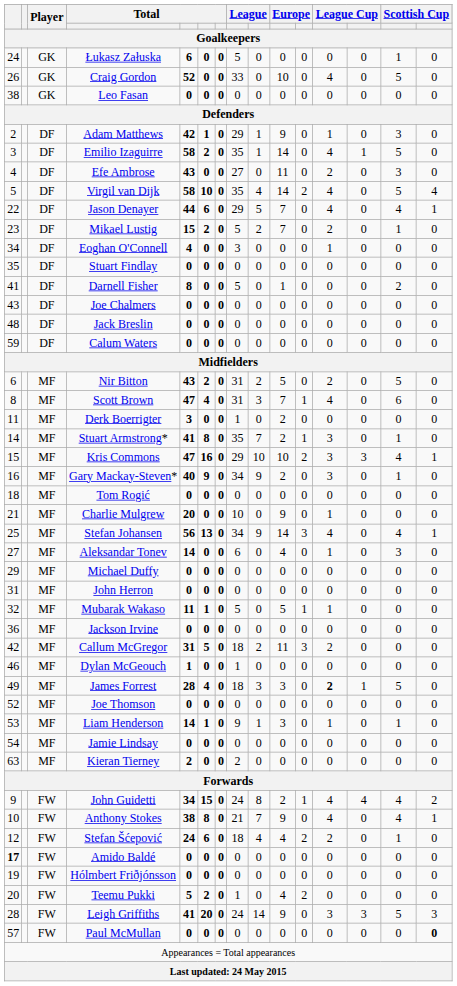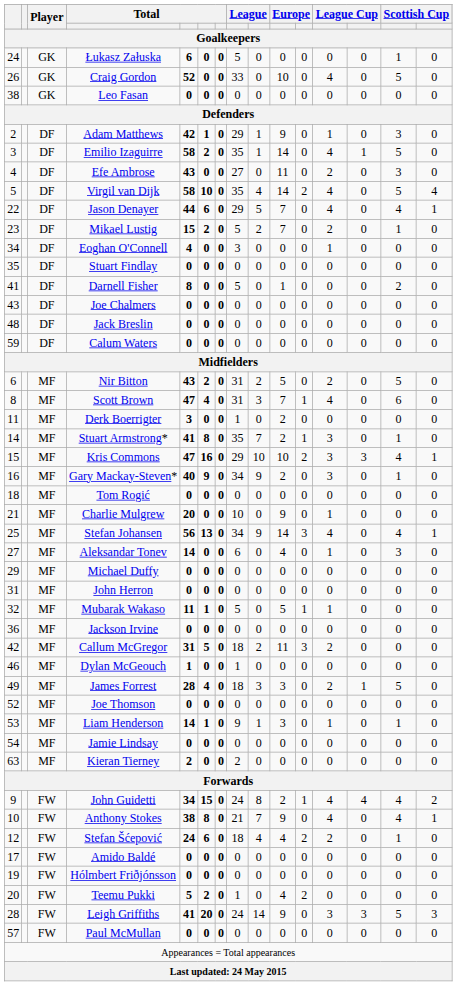 <table class="wikitable" style="text-align: center">
 <tr align="center" style="background:#9C9C9C">
 <th rowspan="2"></th>
 <th rowspan="2"></th>
 <th rowspan="2">Player</th>
 <th colspan="4">Total</th>
 <th colspan="2"><a href='#'>League</a></th>
 <th colspan="2"><a href='#'>Europe</a></th>
 <th colspan="2"><a href='#'>League Cup</a></th>
 <th colspan="2"><a href='#'>Scottish Cup</a></th>
 </tr>
 <tr style="background:#DCDCDC">
 <th></th>
 <th></th>
 <th></th>
 <th></th>
 <th></th>
 <th></th>
 <th></th>
 <th></th>
 <th></th>
 <th></th>
 <th></th>
 <th></th>
 </tr>
 <tr align="center" style="background:#DCDCDC">
 <th colspan="15">Goalkeepers</th>
 </tr>
 <tr align="center">
 <td>24</td>
 <td></td>
 <td>GK</td>
 <td><a href='#'>Łukasz Załuska</a></td>
 <td><strong>6</strong></td>
 <td><strong>0</strong></td>
 <td><strong>0</strong></td>
 <td>5</td>
 <td>0</td>
 <td>0</td>
 <td>0</td>
 <td>0</td>
 <td>0</td>
 <td>1</td>
 <td>0</td>
 </tr>
 <tr align="center">
 <td>26</td>
 <td></td>
 <td>GK</td>
 <td><a href='#'>Craig Gordon</a></td>
 <td><strong>52</strong></td>
 <td><strong>0</strong></td>
 <td><strong>0</strong></td>
 <td>33</td>
 <td>0</td>
 <td>10</td>
 <td>0</td>
 <td>4</td>
 <td>0</td>
 <td>5</td>
 <td>0</td>
 </tr>
 <tr align="center">
 <td>38</td>
 <td></td>
 <td>GK</td>
 <td><a href='#'>Leo Fasan</a></td>
 <td><strong>0</strong></td>
 <td><strong>0</strong></td>
 <td><strong>0</strong></td>
 <td>0</td>
 <td>0</td>
 <td>0</td>
 <td>0</td>
 <td>0</td>
 <td>0</td>
 <td>0</td>
 <td>0</td>
 </tr>
 <tr align="center">
 <th colspan="15">Defenders</th>
 </tr>
 <tr align="center">
 <td>2</td>
 <td></td>
 <td>DF</td>
 <td><a href='#'>Adam Matthews</a></td>
 <td><strong>42</strong></td>
 <td><strong>1</strong></td>
 <td><strong>0</strong></td>
 <td>29</td>
 <td>1</td>
 <td>9</td>
 <td>0</td>
 <td>1</td>
 <td>0</td>
 <td>3</td>
 <td>0</td>
 </tr>
 <tr align="center">
 <td>3</td>
 <td></td>
 <td>DF</td>
 <td><a href='#'>Emilio Izaguirre</a></td>
 <td><strong>58</strong></td>
 <td><strong>2</strong></td>
 <td><strong>0</strong></td>
 <td>35</td>
 <td>1</td>
 <td>14</td>
 <td>0</td>
 <td>4</td>
 <td>1</td>
 <td>5</td>
 <td>0</td>
 </tr>
 <tr align="center">
 <td>4</td>
 <td></td>
 <td>DF</td>
 <td><a href='#'>Efe Ambrose</a></td>
 <td><strong>43</strong></td>
 <td><strong>0</strong></td>
 <td><strong>0</strong></td>
 <td>27</td>
 <td>0</td>
 <td>11</td>
 <td>0</td>
 <td>2</td>
 <td>0</td>
 <td 1>3</td>
 <td>0</td>
 </tr>
 <tr align="center">
 <td>5</td>
 <td></td>
 <td>DF</td>
 <td><a href='#'>Virgil van Dijk</a></td>
 <td><strong>58</strong></td>
 <td><strong>10</strong></td>
 <td><strong>0</strong></td>
 <td>35</td>
 <td>4</td>
 <td>14</td>
 <td>2</td>
 <td>4</td>
 <td>0</td>
 <td>5</td>
 <td 0>4</td>
 </tr>
 <tr align="center">
 <td>22</td>
 <td></td>
 <td>DF</td>
 <td><a href='#'>Jason Denayer</a></td>
 <td><strong>44</strong></td>
 <td><strong>6</strong></td>
 <td><strong>0</strong></td>
 <td>29</td>
 <td>5</td>
 <td>7</td>
 <td>0</td>
 <td>4</td>
 <td>0</td>
 <td>4</td>
 <td 0>1</td>
 </tr>
 <tr align="center">
 <td>23</td>
 <td></td>
 <td>DF</td>
 <td><a href='#'>Mikael Lustig</a></td>
 <td><strong>15</strong></td>
 <td><strong>2</strong></td>
 <td><strong>0</strong></td>
 <td>5</td>
 <td>2</td>
 <td>7</td>
 <td>0</td>
 <td>2</td>
 <td>0</td>
 <td>1</td>
 <td 0>0</td>
 </tr>
 <tr align="center">
 <td>34</td>
 <td></td>
 <td>DF</td>
 <td><a href='#'>Eoghan O'Connell</a></td>
 <td><strong>4</strong></td>
 <td><strong>0</strong></td>
 <td><strong>0</strong></td>
 <td>3</td>
 <td>0</td>
 <td>0</td>
 <td>0</td>
 <td>1</td>
 <td>0</td>
 <td>0</td>
 <td 0>0</td>
 </tr>
 <tr align="center">
 <td>35</td>
 <td></td>
 <td>DF</td>
 <td><a href='#'>Stuart Findlay</a></td>
 <td><strong>0</strong></td>
 <td><strong>0</strong></td>
 <td><strong>0</strong></td>
 <td>0</td>
 <td>0</td>
 <td>0</td>
 <td>0</td>
 <td>0</td>
 <td>0</td>
 <td>0</td>
 <td 0>0</td>
 </tr>
 <tr align="center">
 <td>41</td>
 <td></td>
 <td>DF</td>
 <td><a href='#'>Darnell Fisher</a></td>
 <td><strong>8</strong></td>
 <td><strong>0</strong></td>
 <td><strong>0</strong></td>
 <td>5</td>
 <td>0</td>
 <td>1</td>
 <td>0</td>
 <td>0</td>
 <td>0</td>
 <td>2</td>
 <td 0>0</td>
 </tr>
 <tr align="center">
 <td>43</td>
 <td></td>
 <td>DF</td>
 <td><a href='#'>Joe Chalmers</a></td>
 <td><strong>0</strong></td>
 <td><strong>0</strong></td>
 <td><strong>0</strong></td>
 <td>0</td>
 <td>0</td>
 <td>0</td>
 <td>0</td>
 <td>0</td>
 <td>0</td>
 <td>0</td>
 <td 0>0</td>
 </tr>
 <tr align="center">
 <td>48</td>
 <td></td>
 <td>DF</td>
 <td><a href='#'>Jack Breslin</a></td>
 <td><strong>0</strong></td>
 <td><strong>0</strong></td>
 <td><strong>0</strong></td>
 <td>0</td>
 <td>0</td>
 <td>0</td>
 <td>0</td>
 <td>0</td>
 <td>0</td>
 <td>0</td>
 <td>0</td>
 </tr>
 <tr align="center">
 <td>59</td>
 <td></td>
 <td>DF</td>
 <td><a href='#'>Calum Waters</a></td>
 <td><strong>0</strong></td>
 <td><strong>0</strong></td>
 <td><strong>0</strong></td>
 <td>0</td>
 <td>0</td>
 <td>0</td>
 <td>0</td>
 <td>0</td>
 <td>0</td>
 <td>0</td>
 <td 0>0</td>
 </tr>
 <tr align="center">
 <th colspan="15">Midfielders</th>
 </tr>
 <tr align="center">
 <td>6</td>
 <td></td>
 <td>MF</td>
 <td><a href='#'>Nir Bitton</a></td>
 <td><strong>43</strong></td>
 <td><strong>2</strong></td>
 <td><strong>0</strong></td>
 <td>31</td>
 <td>2</td>
 <td>5</td>
 <td>0</td>
 <td>2</td>
 <td>0</td>
 <td>5</td>
 <td 0>0</td>
 </tr>
 <tr align="center">
 <td>8</td>
 <td></td>
 <td>MF</td>
 <td><a href='#'>Scott Brown</a></td>
 <td><strong>47</strong></td>
 <td><strong>4</strong></td>
 <td><strong>0</strong></td>
 <td>31</td>
 <td>3</td>
 <td>7</td>
 <td>1</td>
 <td>4</td>
 <td>0</td>
 <td>6</td>
 <td 0>0</td>
 </tr>
 <tr align="center">
 <td>11</td>
 <td></td>
 <td>MF</td>
 <td><a href='#'>Derk Boerrigter</a></td>
 <td><strong>3</strong></td>
 <td><strong>0</strong></td>
 <td><strong>0</strong></td>
 <td>1</td>
 <td>0</td>
 <td>2</td>
 <td>0</td>
 <td>0</td>
 <td>0</td>
 <td>0</td>
 <td 0>0</td>
 </tr>
 <tr align="center">
 <td>14</td>
 <td></td>
 <td>MF</td>
 <td><a href='#'>Stuart Armstrong</a>*</td>
 <td><strong>41</strong></td>
 <td><strong>8</strong></td>
 <td><strong>0</strong></td>
 <td>35</td>
 <td>7</td>
 <td>2</td>
 <td>1</td>
 <td>3</td>
 <td>0</td>
 <td>1</td>
 <td 0>0</td>
 </tr>
 <tr align="center">
 <td>15</td>
 <td></td>
 <td>MF</td>
 <td><a href='#'>Kris Commons</a></td>
 <td><strong>47</strong></td>
 <td><strong>16</strong></td>
 <td><strong>0</strong></td>
 <td>29</td>
 <td>10</td>
 <td>10</td>
 <td>2</td>
 <td>3</td>
 <td>3</td>
 <td>4</td>
 <td 0>1</td>
 </tr>
 <tr align="center">
 <td>16</td>
 <td></td>
 <td>MF</td>
 <td><a href='#'>Gary Mackay-Steven</a>*</td>
 <td><strong>40</strong></td>
 <td><strong>9</strong></td>
 <td><strong>0</strong></td>
 <td>34</td>
 <td>9</td>
 <td>2</td>
 <td>0</td>
 <td>3</td>
 <td>0</td>
 <td>1</td>
 <td 0>0</td>
 </tr>
 <tr align="center">
 <td>18</td>
 <td></td>
 <td>MF</td>
 <td><a href='#'>Tom Rogić</a></td>
 <td><strong>0</strong></td>
 <td><strong>0</strong></td>
 <td><strong>0</strong></td>
 <td>0</td>
 <td>0</td>
 <td>0</td>
 <td>0</td>
 <td>0</td>
 <td>0</td>
 <td>0</td>
 <td 0>0</td>
 </tr>
 <tr align="center">
 <td>21</td>
 <td></td>
 <td>MF</td>
 <td><a href='#'>Charlie Mulgrew</a></td>
 <td><strong>20</strong></td>
 <td><strong>0</strong></td>
 <td><strong>0</strong></td>
 <td>10</td>
 <td>0</td>
 <td>9</td>
 <td>0</td>
 <td>1</td>
 <td>0</td>
 <td>0</td>
 <td 0>0</td>
 </tr>
 <tr align="center">
 <td>25</td>
 <td></td>
 <td>MF</td>
 <td><a href='#'>Stefan Johansen</a></td>
 <td><strong>56</strong></td>
 <td><strong>13</strong></td>
 <td><strong>0</strong></td>
 <td>34</td>
 <td>9</td>
 <td>14</td>
 <td>3</td>
 <td>4</td>
 <td>0</td>
 <td>4</td>
 <td 0>1</td>
 </tr>
 <tr align="center">
 <td>27</td>
 <td></td>
 <td>MF</td>
 <td><a href='#'>Aleksandar Tonev</a></td>
 <td><strong>14</strong></td>
 <td><strong>0</strong></td>
 <td><strong>0</strong></td>
 <td>6</td>
 <td>0</td>
 <td>4</td>
 <td>0</td>
 <td>1</td>
 <td>0</td>
 <td>3</td>
 <td 0>0</td>
 </tr>
 <tr align="center">
 <td>29</td>
 <td></td>
 <td>MF</td>
 <td><a href='#'>Michael Duffy</a></td>
 <td><strong>0</strong></td>
 <td><strong>0</strong></td>
 <td><strong>0</strong></td>
 <td>0</td>
 <td>0</td>
 <td>0</td>
 <td>0</td>
 <td>0</td>
 <td>0</td>
 <td>0</td>
 <td 0>0</td>
 </tr>
 <tr align="center">
 <td>31</td>
 <td></td>
 <td>MF</td>
 <td><a href='#'>John Herron</a></td>
 <td><strong>0</strong></td>
 <td><strong>0</strong></td>
 <td><strong>0</strong></td>
 <td>0</td>
 <td>0</td>
 <td>0</td>
 <td>0</td>
 <td>0</td>
 <td>0</td>
 <td>0</td>
 <td 0>0</td>
 </tr>
 <tr align="center">
 <td>32</td>
 <td></td>
 <td>MF</td>
 <td><a href='#'>Mubarak Wakaso</a></td>
 <td><strong>11</strong></td>
 <td><strong>1</strong></td>
 <td><strong>0</strong></td>
 <td>5</td>
 <td>0</td>
 <td>5</td>
 <td>1</td>
 <td>1</td>
 <td>0</td>
 <td>0</td>
 <td 0>0</td>
 </tr>
 <tr align="center">
 <td>36</td>
 <td></td>
 <td>MF</td>
 <td><a href='#'>Jackson Irvine</a></td>
 <td><strong>0</strong></td>
 <td><strong>0</strong></td>
 <td><strong>0</strong></td>
 <td>0</td>
 <td>0</td>
 <td>0</td>
 <td>0</td>
 <td>0</td>
 <td>0</td>
 <td>0</td>
 <td 0>0</td>
 </tr>
 <tr align="center">
 <td>42</td>
 <td></td>
 <td>MF</td>
 <td><a href='#'>Callum McGregor</a></td>
 <td><strong>31</strong></td>
 <td><strong>5</strong></td>
 <td><strong>0</strong></td>
 <td>18</td>
 <td>2</td>
 <td>11</td>
 <td>3</td>
 <td>2</td>
 <td>0</td>
 <td>0</td>
 <td 0>0</td>
 </tr>
 <tr align="center">
 <td>46</td>
 <td></td>
 <td>MF</td>
 <td><a href='#'>Dylan McGeouch</a></td>
 <td><strong>1</strong></td>
 <td><strong>0</strong></td>
 <td><strong>0</strong></td>
 <td>1</td>
 <td>0</td>
 <td>0</td>
 <td>0</td>
 <td>0</td>
 <td>0</td>
 <td>0</td>
 <td 0>0</td>
 </tr>
 <tr align="center">
 <td>49</td>
 <td></td>
 <td>MF</td>
 <td><a href='#'>James Forrest</a></td>
 <td><strong>28</strong></td>
 <td><strong>4</strong></td>
 <td><strong>0</strong></td>
 <td>18</td>
 <td>3</td>
 <td>3</td>
 <td>0</td>
-<td><strong>2</strong></td>
+<td>2</td>
 <td>1</td>
 <td>5</td>
 <td 0>0</td>
 </tr>
 <tr align="center">
 <td>52</td>
 <td></td>
 <td>MF</td>
 <td><a href='#'>Joe Thomson</a></td>
 <td><strong>0</strong></td>
 <td><strong>0</strong></td>
 <td><strong>0</strong></td>
 <td>0</td>
 <td>0</td>
 <td>0</td>
 <td>0</td>
 <td>0</td>
 <td>0</td>
 <td>0</td>
 <td>0</td>
 </tr>
 <tr align="center">
 <td>53</td>
 <td></td>
 <td>MF</td>
 <td><a href='#'>Liam Henderson</a></td>
 <td><strong>14</strong></td>
 <td><strong>1</strong></td>
 <td><strong>0</strong></td>
 <td>9</td>
 <td>1</td>
 <td>3</td>
 <td>0</td>
 <td>1</td>
 <td>0</td>
 <td>1</td>
 <td 0>0</td>
 </tr>
 <tr align="center">
 <td>54</td>
 <td></td>
 <td>MF</td>
 <td><a href='#'>Jamie Lindsay</a></td>
 <td><strong>0</strong></td>
 <td><strong>0</strong></td>
 <td><strong>0</strong></td>
 <td>0</td>
 <td>0</td>
 <td>0</td>
 <td>0</td>
 <td>0</td>
 <td>0</td>
 <td>0</td>
 <td>0</td>
 </tr>
 <tr align="center">
 <td>63</td>
 <td></td>
 <td>MF</td>
 <td><a href='#'>Kieran Tierney</a></td>
 <td><strong>2</strong></td>
 <td><strong>0</strong></td>
 <td><strong>0</strong></td>
 <td>2</td>
 <td>0</td>
 <td>0</td>
 <td>0</td>
 <td>0</td>
 <td>0</td>
 <td>0</td>
 <td>0</td>
 </tr>
 <tr align="center">
 <th colspan="15">Forwards</th>
 </tr>
 <tr align="center">
 <td>9</td>
 <td></td>
 <td>FW</td>
 <td><a href='#'>John Guidetti</a></td>
 <td><strong>34</strong></td>
 <td><strong>15</strong></td>
 <td><strong>0</strong></td>
 <td>24</td>
 <td>8</td>
 <td>2</td>
 <td>1</td>
 <td>4</td>
 <td>4</td>
 <td>4</td>
 <td 0>2</td>
 </tr>
 <tr align="center">
 <td>10</td>
 <td></td>
 <td>FW</td>
 <td><a href='#'>Anthony Stokes</a></td>
 <td><strong>38</strong></td>
 <td><strong>8</strong></td>
 <td><strong>0</strong></td>
 <td>21</td>
 <td>7</td>
 <td>9</td>
 <td>0</td>
 <td>4</td>
 <td>0</td>
 <td>4</td>
 <td 0>1</td>
 </tr>
 <tr align="center">
 <td>12</td>
 <td></td>
 <td>FW</td>
 <td><a href='#'>Stefan Šćepović</a></td>
 <td><strong>24</strong></td>
 <td><strong>6</strong></td>
 <td><strong>0</strong></td>
 <td>18</td>
 <td>4</td>
 <td>4</td>
 <td>2</td>
 <td>2</td>
 <td>0</td>
 <td>1</td>
 <td 0>0</td>
 </tr>
 <tr align="center">
-<td><strong>17</strong></td>
+<td>17</td>
 <td></td>
 <td>FW</td>
 <td><a href='#'>Amido Baldé</a></td>
 <td><strong>0</strong></td>
 <td><strong>0</strong></td>
 <td><strong>0</strong></td>
 <td>0</td>
 <td>0</td>
 <td>0</td>
 <td>0</td>
 <td>0</td>
 <td>0</td>
 <td>0</td>
 <td 0>0</td>
 </tr>
 <tr align="center">
 <td>19</td>
 <td></td>
 <td>FW</td>
 <td><a href='#'>Hólmbert Friðjónsson</a></td>
 <td><strong>0</strong></td>
 <td><strong>0</strong></td>
 <td><strong>0</strong></td>
 <td>0</td>
 <td>0</td>
 <td>0</td>
 <td>0</td>
 <td>0</td>
 <td>0</td>
 <td>0</td>
 <td 0>0</td>
 </tr>
 <tr align="center">
 <td>20</td>
 <td></td>
 <td>FW</td>
 <td><a href='#'>Teemu Pukki</a></td>
 <td><strong>5</strong></td>
 <td><strong>2</strong></td>
 <td><strong>0</strong></td>
 <td>1</td>
 <td>0</td>
 <td>4</td>
 <td>2</td>
 <td>0</td>
 <td>0</td>
 <td>0</td>
 <td 0>0</td>
 </tr>
 <tr align="center">
 <td>28</td>
 <td></td>
 <td>FW</td>
 <td><a href='#'>Leigh Griffiths</a></td>
 <td><strong>41</strong></td>
 <td><strong>20</strong></td>
 <td><strong>0</strong></td>
 <td>24</td>
 <td>14</td>
 <td>9</td>
 <td>0</td>
 <td>3</td>
 <td>3</td>
 <td>5</td>
 <td 0>3</td>
 </tr>
 <tr align="center">
 <td>57</td>
 <td></td>
 <td>FW</td>
 <td><a href='#'>Paul McMullan</a></td>
 <td><strong>0</strong></td>
 <td><strong>0</strong></td>
 <td><strong>0</strong></td>
 <td>0</td>
 <td>0</td>
 <td>0</td>
 <td>0</td>
 <td>0</td>
 <td>0</td>
 <td>0</td>
-<td><strong>0</strong></td>
+<td>0</td>
 </tr>
 <tr align="center">
 <td 23! colspan="16"><small>Appearances = Total appearances</small></td>
 </tr>
 <tr align="left">
 <th colspan="16"><small>Last updated: 24 May 2015</small></th>
 </tr>
 </table>
